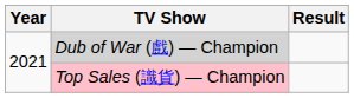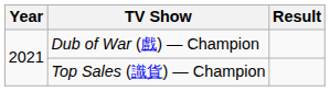 <table class="wikitable sortable">
 <tr>
 <th>Year</th>
 <th>TV Show</th>
 <th>Result</th>
 </tr>
 <tr>
 <td rowspan=2>2021</td>
-<td style="background: lightgrey;"><em> Dub of War</em> (<a href='#'>戲</a>) — Champion</td>
+<td><em> Dub of War</em> (<a href='#'>戲</a>) — Champion</td>
 <td></td>
 </tr>
 <tr>
-<td style="background: pink;"><em>Top Sales</em> (<a href='#'>識貨</a>) — Champion</td>
+<td><em>Top Sales</em> (<a href='#'>識貨</a>) — Champion</td>
 <td></td>
 </tr>
 </table>
